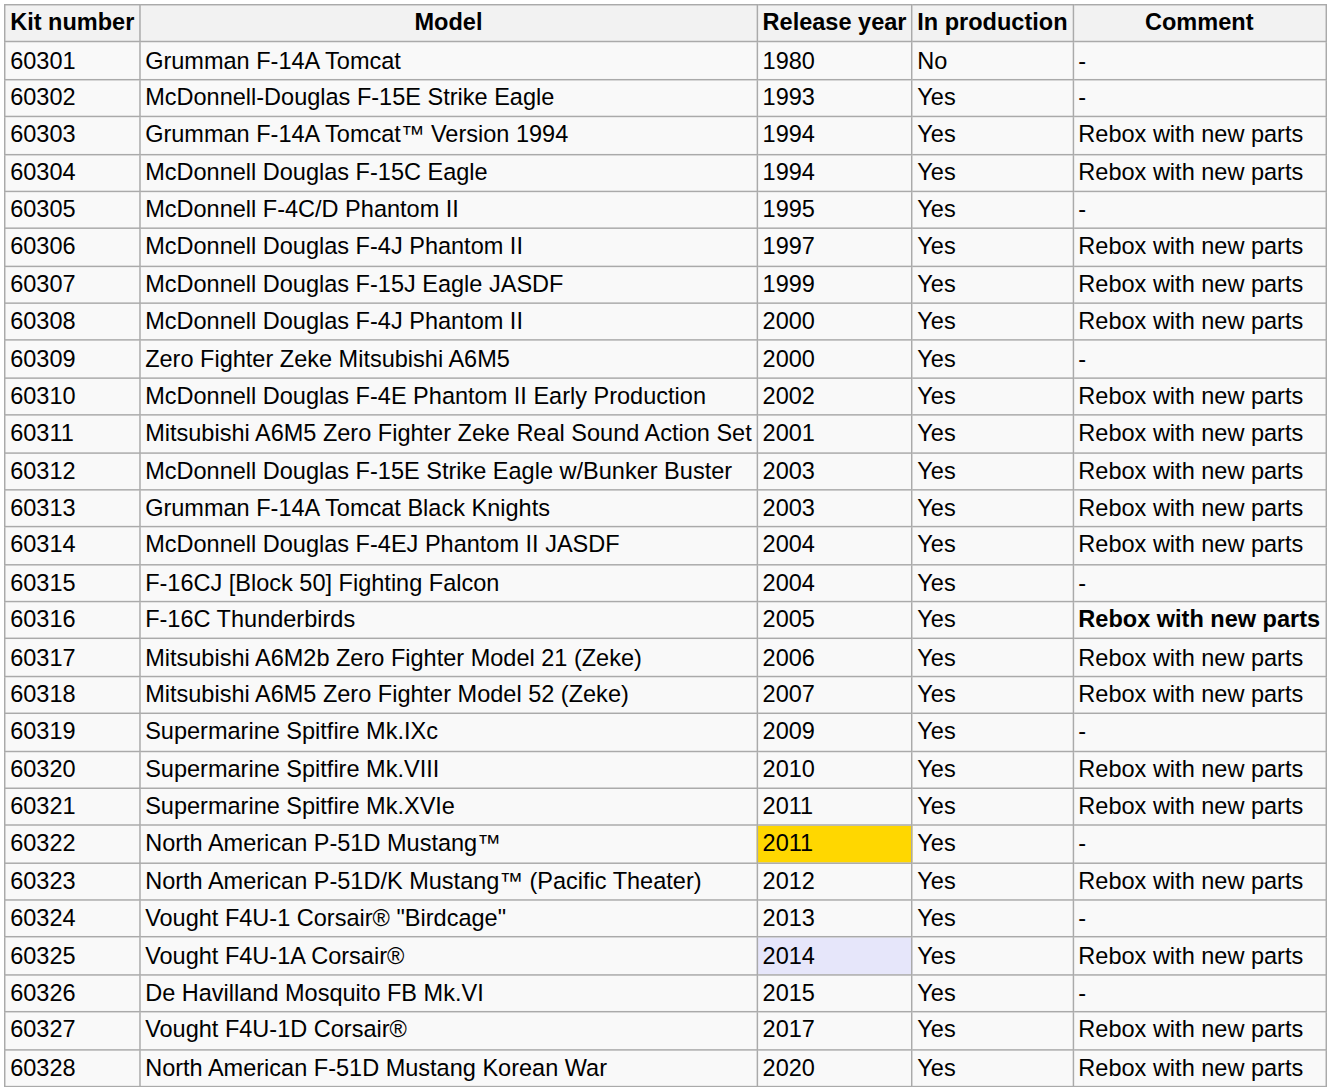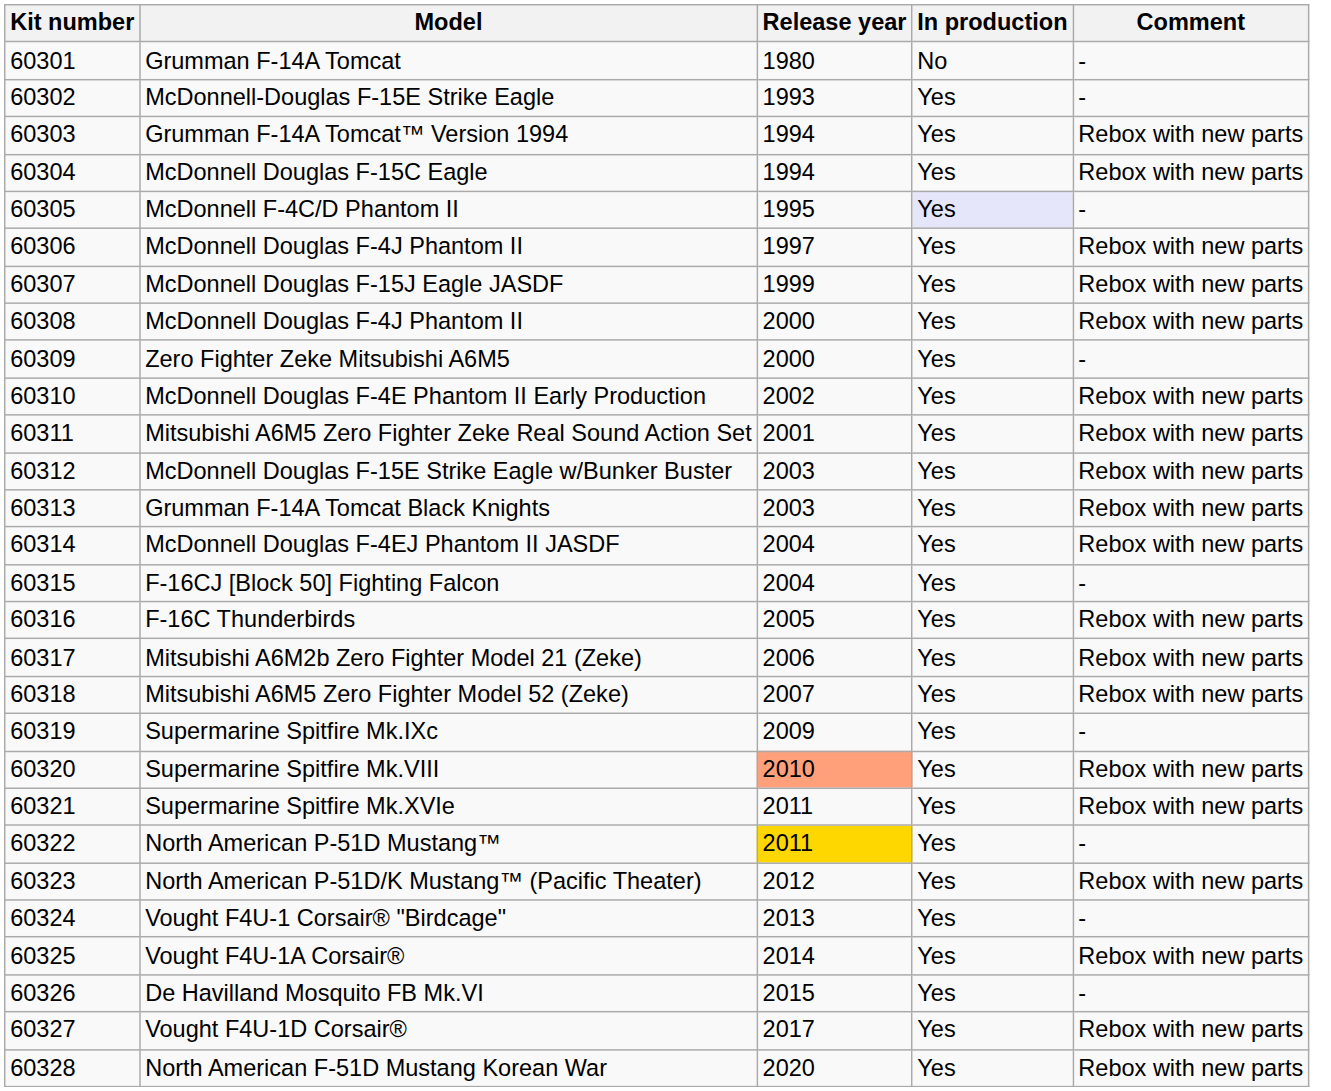 <table class="wikitable">
 <tr>
 <th>Kit number</th>
 <th>Model</th>
 <th>Release year</th>
 <th>In production</th>
 <th>Comment</th>
 </tr>
 <tr>
 <td>60301</td>
 <td>Grumman F-14A Tomcat</td>
 <td>1980</td>
 <td>No</td>
 <td>-</td>
 </tr>
 <tr>
 <td>60302</td>
 <td>McDonnell-Douglas F-15E Strike Eagle</td>
 <td>1993</td>
 <td>Yes</td>
 <td>-</td>
 </tr>
 <tr>
 <td>60303</td>
 <td>Grumman F-14A Tomcat™ Version 1994</td>
 <td>1994</td>
 <td>Yes</td>
 <td>Rebox with new parts</td>
 </tr>
 <tr>
 <td>60304</td>
 <td>McDonnell Douglas F-15C Eagle</td>
 <td>1994</td>
 <td>Yes</td>
 <td>Rebox with new parts</td>
 </tr>
 <tr>
 <td>60305</td>
 <td>McDonnell F-4C/D Phantom II</td>
 <td>1995</td>
-<td>Yes</td>
+<td style="background: lavender;">Yes</td>
 <td>-</td>
 </tr>
 <tr>
 <td>60306</td>
 <td>McDonnell Douglas F-4J Phantom II</td>
 <td>1997</td>
 <td>Yes</td>
 <td>Rebox with new parts</td>
 </tr>
 <tr>
 <td>60307</td>
 <td>McDonnell Douglas F-15J Eagle JASDF</td>
 <td>1999</td>
 <td>Yes</td>
 <td>Rebox with new parts</td>
 </tr>
 <tr>
 <td>60308</td>
 <td>McDonnell Douglas F-4J Phantom II</td>
 <td>2000</td>
 <td>Yes</td>
 <td>Rebox with new parts</td>
 </tr>
 <tr>
 <td>60309</td>
 <td>Zero Fighter Zeke Mitsubishi A6M5</td>
 <td>2000</td>
 <td>Yes</td>
 <td>-</td>
 </tr>
 <tr>
 <td>60310</td>
 <td>McDonnell Douglas F-4E Phantom II Early Production</td>
 <td>2002</td>
 <td>Yes</td>
 <td>Rebox with new parts</td>
 </tr>
 <tr>
 <td>60311</td>
 <td>Mitsubishi A6M5 Zero Fighter Zeke Real Sound Action Set</td>
 <td>2001</td>
 <td>Yes</td>
 <td>Rebox with new parts</td>
 </tr>
 <tr>
 <td>60312</td>
 <td>McDonnell Douglas F-15E Strike Eagle w/Bunker Buster</td>
 <td>2003</td>
 <td>Yes</td>
 <td>Rebox with new parts</td>
 </tr>
 <tr>
 <td>60313</td>
 <td>Grumman F-14A Tomcat Black Knights</td>
 <td>2003</td>
 <td>Yes</td>
 <td>Rebox with new parts</td>
 </tr>
 <tr>
 <td>60314</td>
 <td>McDonnell Douglas F-4EJ Phantom II JASDF</td>
 <td>2004</td>
 <td>Yes</td>
 <td>Rebox with new parts</td>
 </tr>
 <tr>
 <td>60315</td>
 <td>F-16CJ [Block 50] Fighting Falcon</td>
 <td>2004</td>
 <td>Yes</td>
 <td>-</td>
 </tr>
 <tr>
 <td>60316</td>
 <td>F-16C Thunderbirds</td>
 <td>2005</td>
 <td>Yes</td>
-<td><strong>Rebox with new parts</strong></td>
+<td>Rebox with new parts</td>
 </tr>
 <tr>
 <td>60317</td>
 <td>Mitsubishi A6M2b Zero Fighter Model 21 (Zeke)</td>
 <td>2006</td>
 <td>Yes</td>
 <td>Rebox with new parts</td>
 </tr>
 <tr>
 <td>60318</td>
 <td>Mitsubishi A6M5 Zero Fighter Model 52 (Zeke)</td>
 <td>2007</td>
 <td>Yes</td>
 <td>Rebox with new parts</td>
 </tr>
 <tr>
 <td>60319</td>
 <td>Supermarine Spitfire Mk.IXc</td>
 <td>2009</td>
 <td>Yes</td>
 <td>-</td>
 </tr>
 <tr>
 <td>60320</td>
 <td>Supermarine Spitfire Mk.VIII</td>
-<td>2010</td>
+<td style="background: lightsalmon;">2010</td>
 <td>Yes</td>
 <td>Rebox with new parts</td>
 </tr>
 <tr>
 <td>60321</td>
 <td>Supermarine Spitfire Mk.XVIe</td>
 <td>2011</td>
 <td>Yes</td>
 <td>Rebox with new parts</td>
 </tr>
 <tr>
 <td>60322</td>
 <td>North American P-51D Mustang™</td>
 <td style="background: gold;">2011</td>
 <td>Yes</td>
 <td>-</td>
 </tr>
 <tr>
 <td>60323</td>
 <td>North American P-51D/K Mustang™ (Pacific Theater)</td>
 <td>2012</td>
 <td>Yes</td>
 <td>Rebox with new parts</td>
 </tr>
 <tr>
 <td>60324</td>
 <td>Vought F4U-1 Corsair® "Birdcage"</td>
 <td>2013</td>
 <td>Yes</td>
 <td>-</td>
 </tr>
 <tr>
 <td>60325</td>
 <td>Vought F4U-1A Corsair®</td>
-<td style="background: lavender;">2014</td>
+<td>2014</td>
 <td>Yes</td>
 <td>Rebox with new parts</td>
 </tr>
 <tr>
 <td>60326</td>
 <td>De Havilland Mosquito FB Mk.VI</td>
 <td>2015</td>
 <td>Yes</td>
 <td>-</td>
 </tr>
 <tr>
 <td>60327</td>
 <td>Vought F4U-1D Corsair®</td>
 <td>2017</td>
 <td>Yes</td>
 <td>Rebox with new parts</td>
 </tr>
 <tr>
 <td>60328</td>
 <td>North American F-51D Mustang Korean War</td>
 <td>2020</td>
 <td>Yes</td>
 <td>Rebox with new parts</td>
 </tr>
 <tr>
 </tr>
 </table>
